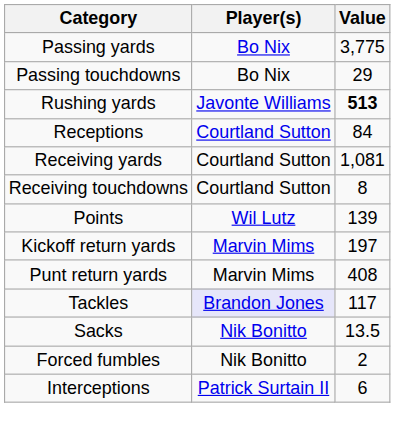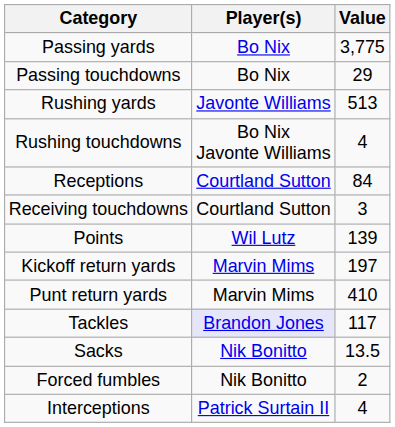 <table class="wikitable" style="text-align:center">
 <tr>
 <th>Category</th>
 <th>Player(s)</th>
 <th>Value</th>
 </tr>
 <tr>
 <td>Passing yards</td>
 <td><a href='#'>Bo Nix</a></td>
 <td>3,775</td>
 </tr>
 <tr>
 <td>Passing touchdowns</td>
 <td>Bo Nix</td>
 <td>29</td>
 </tr>
 <tr>
 <td>Rushing yards</td>
 <td><a href='#'>Javonte Williams</a></td>
-<td><strong>513</strong></td>
+<td>513</td>
+</tr>
+<tr>
+<td>Rushing touchdowns</td>
+<td>Bo Nix<br>Javonte Williams</td>
+<td>4</td>
 </tr>
 <tr>
 <td>Receptions</td>
 <td><a href='#'>Courtland Sutton</a></td>
 <td>84</td>
 </tr>
 <tr>
-<td>Receiving yards</td>
-<td>Courtland Sutton</td>
-<td>1,081</td>
-</tr>
-<tr>
 <td>Receiving touchdowns</td>
 <td>Courtland Sutton</td>
-<td>8</td>
+<td>3</td>
 </tr>
 <tr>
 <td>Points</td>
 <td><a href='#'>Wil Lutz</a></td>
 <td>139</td>
 </tr>
 <tr>
 <td>Kickoff return yards</td>
 <td><a href='#'>Marvin Mims</a></td>
 <td>197</td>
 </tr>
 <tr>
 <td>Punt return yards</td>
 <td>Marvin Mims</td>
-<td>408</td>
+<td>410</td>
 </tr>
 <tr>
 <td>Tackles</td>
 <td style="background: lavender;"><a href='#'>Brandon Jones</a></td>
 <td>117</td>
 </tr>
 <tr>
 <td>Sacks</td>
 <td><a href='#'>Nik Bonitto</a></td>
 <td>13.5</td>
 </tr>
 <tr>
 <td>Forced fumbles</td>
 <td>Nik Bonitto</td>
 <td>2</td>
 </tr>
 <tr>
 <td>Interceptions</td>
 <td><a href='#'>Patrick Surtain II</a></td>
-<td>6</td>
+<td>4</td>
 </tr>
 </table>
